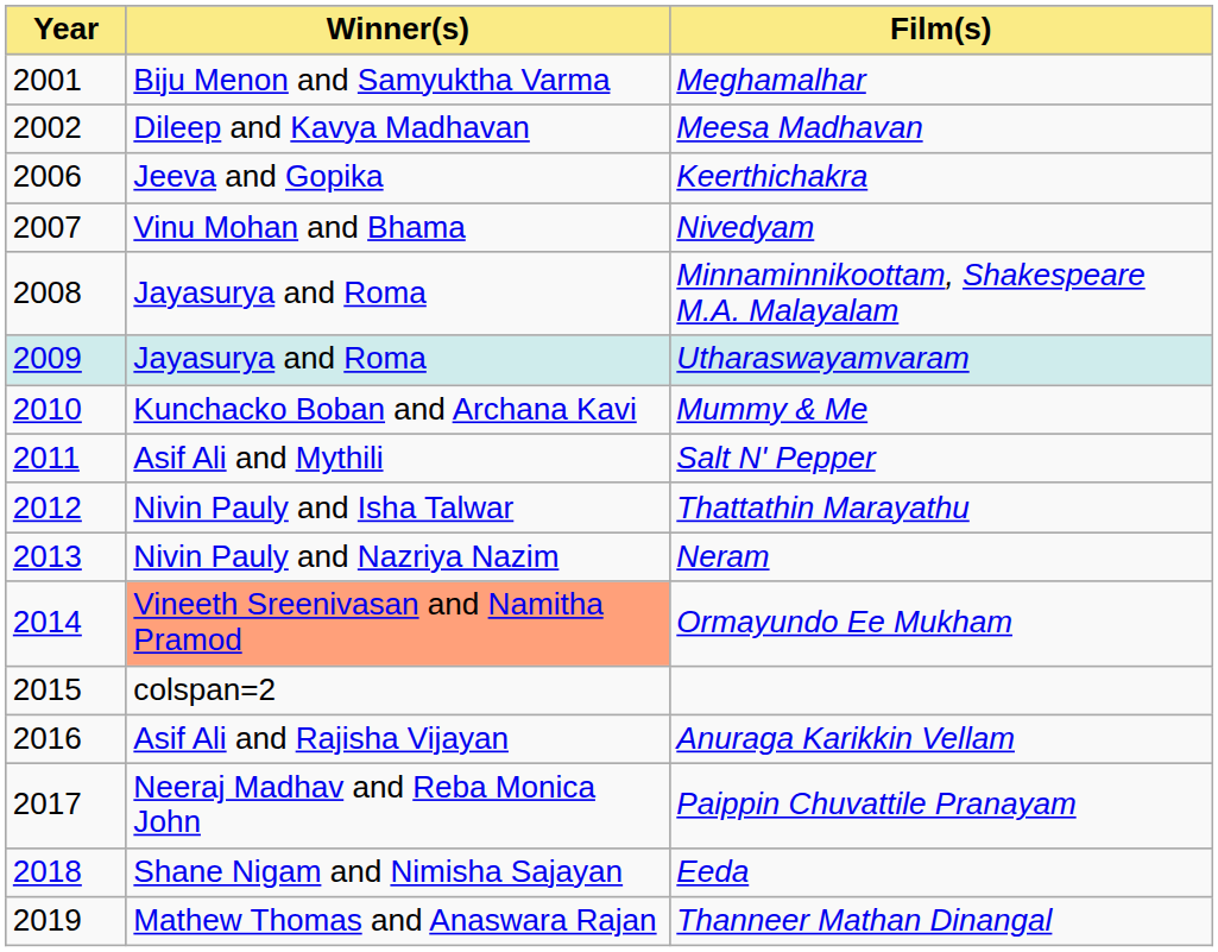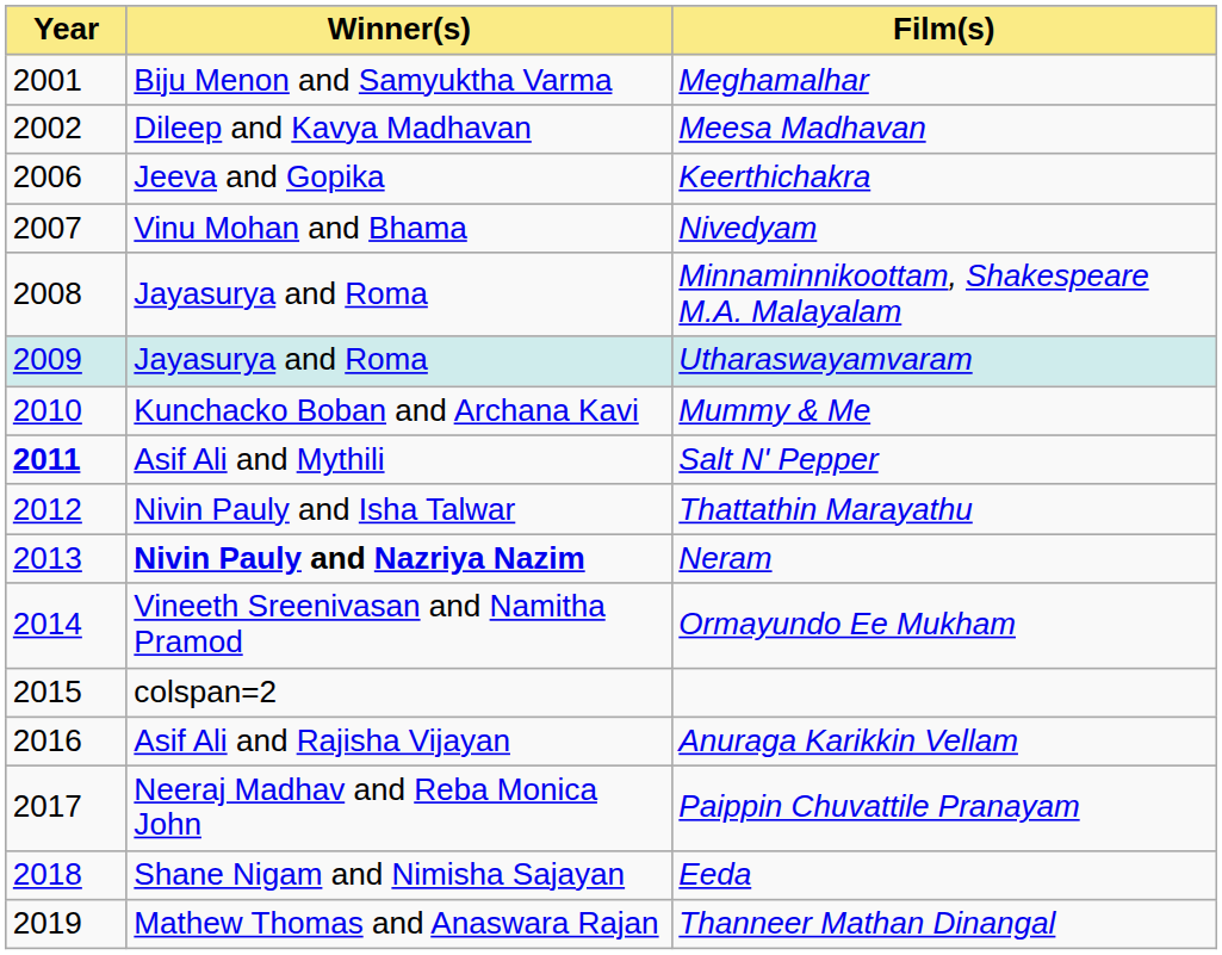 <table class="wikitable" style="width:100%">
 <tr bgcolor="#bebebe">
 <th width="10%" style="background:#FAEB86">Year</th>
 <th width="45%" style="background:#FAEB86">Winner(s)</th>
 <th width="45%" style="background:#FAEB86">Film(s)</th>
 </tr>
 <tr>
 <td>2001</td>
 <td><a href='#'>Biju Menon</a> and <a href='#'>Samyuktha Varma</a></td>
 <td><em><a href='#'>Meghamalhar</a></em></td>
 </tr>
 <tr>
 <td>2002</td>
 <td><a href='#'>Dileep</a> and <a href='#'>Kavya Madhavan</a></td>
 <td><em><a href='#'>Meesa Madhavan</a></em></td>
 </tr>
 <tr>
 <td>2006</td>
 <td><a href='#'>Jeeva</a> and <a href='#'>Gopika</a></td>
 <td><em><a href='#'>Keerthichakra</a></em></td>
 </tr>
 <tr>
 <td>2007</td>
 <td><a href='#'>Vinu Mohan</a> and <a href='#'>Bhama</a></td>
 <td><em><a href='#'>Nivedyam</a></em></td>
 </tr>
 <tr>
 <td>2008</td>
 <td><a href='#'>Jayasurya</a> and <a href='#'>Roma</a></td>
 <td><em><a href='#'>Minnaminnikoottam</a>, <a href='#'>Shakespeare M.A. Malayalam</a></em></td>
 </tr>
 <tr bgcolor="#cfecec">
 <td><a href='#'>2009</a></td>
 <td><a href='#'>Jayasurya</a> and <a href='#'>Roma</a></td>
 <td><em><a href='#'>Utharaswayamvaram</a></em></td>
 </tr>
 <tr>
 <td><a href='#'>2010</a></td>
 <td><a href='#'>Kunchacko Boban</a> and <a href='#'>Archana Kavi</a></td>
 <td><em><a href='#'>Mummy & Me</a></em></td>
 </tr>
 <tr>
-<td><a href='#'>2011</a></td>
+<td><strong><a href='#'>2011</a></strong></td>
 <td><a href='#'>Asif Ali</a> and <a href='#'>Mythili</a></td>
 <td><em><a href='#'>Salt N' Pepper</a></em></td>
 </tr>
 <tr>
 <td><a href='#'>2012</a></td>
 <td><a href='#'>Nivin Pauly</a> and <a href='#'>Isha Talwar</a></td>
 <td><em><a href='#'>Thattathin Marayathu</a></em></td>
 </tr>
 <tr>
 <td><a href='#'>2013</a></td>
-<td><a href='#'>Nivin Pauly</a> and <a href='#'>Nazriya Nazim</a></td>
+<td><strong><a href='#'>Nivin Pauly</a> and <a href='#'>Nazriya Nazim</a></strong></td>
 <td><em><a href='#'>Neram</a></em></td>
 </tr>
 <tr>
 <td><a href='#'>2014</a></td>
-<td style="background: lightsalmon;"><a href='#'>Vineeth Sreenivasan</a> and <a href='#'>Namitha Pramod</a></td>
+<td><a href='#'>Vineeth Sreenivasan</a> and <a href='#'>Namitha Pramod</a></td>
 <td><em><a href='#'>Ormayundo Ee Mukham</a></em></td>
 </tr>
 <tr>
 <td>2015</td>
 <td>colspan=2 </td>
 </tr>
 <tr>
 <td>2016</td>
 <td><a href='#'>Asif Ali</a> and <a href='#'>Rajisha Vijayan</a></td>
 <td><em><a href='#'>Anuraga Karikkin Vellam</a></em></td>
 </tr>
 <tr>
 <td>2017</td>
 <td><a href='#'>Neeraj Madhav</a> and <a href='#'>Reba Monica John</a></td>
 <td><em><a href='#'>Paippin Chuvattile Pranayam</a></em></td>
 </tr>
 <tr>
 <td><a href='#'>2018</a></td>
 <td><a href='#'>Shane Nigam</a> and <a href='#'>Nimisha Sajayan</a></td>
 <td><em><a href='#'>Eeda</a></em></td>
 </tr>
 <tr>
 <td>2019</td>
 <td><a href='#'>Mathew Thomas</a> and <a href='#'>Anaswara Rajan</a></td>
 <td><em><a href='#'>Thanneer Mathan Dinangal</a></em></td>
 </tr>
 </table>
